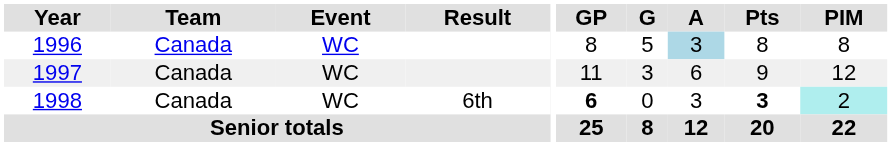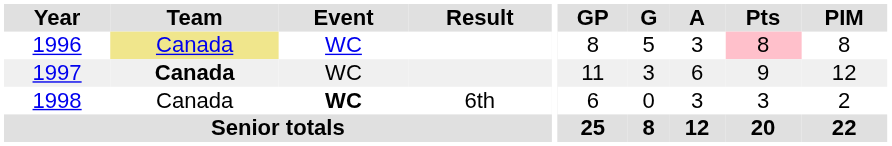 <table border="0" cellpadding="1" cellspacing="0" ID="Table3" style="text-align:center; width:40em">
 <tr bgcolor="#e0e0e0">
 <th>Year</th>
 <th>Team</th>
 <th>Event</th>
 <th>Result</th>
 <th rowspan="99" bgcolor="#ffffff"></th>
 <th>GP</th>
 <th>G</th>
 <th>A</th>
 <th>Pts</th>
 <th>PIM</th>
 </tr>
 <tr>
 <td><a href='#'>1996</a></td>
-<td><a href='#'>Canada</a></td>
+<td style="background: khaki;"><a href='#'>Canada</a></td>
 <td><a href='#'>WC</a></td>
 <td></td>
 <td>8</td>
 <td>5</td>
-<td style="background: lightblue;">3</td>
-<td>8</td>
+<td>3</td>
+<td style="background: pink;">8</td>
 <td>8</td>
 </tr>
 <tr bgcolor="#f0f0f0">
 <td><a href='#'>1997</a></td>
-<td>Canada</td>
+<td><strong>Canada</strong></td>
 <td>WC</td>
 <td></td>
 <td>11</td>
 <td>3</td>
 <td>6</td>
 <td>9</td>
 <td>12</td>
 </tr>
 <tr>
 <td><a href='#'>1998</a></td>
 <td>Canada</td>
-<td>WC</td>
+<td><strong>WC</strong></td>
 <td>6th</td>
-<td><strong>6</strong></td>
+<td>6</td>
 <td>0</td>
 <td>3</td>
-<td><strong>3</strong></td>
-<td style="background: paleturquoise;">2</td>
+<td>3</td>
+<td>2</td>
 </tr>
 <tr bgcolor="#e0e0e0">
 <th colspan="4">Senior totals</th>
 <th>25</th>
 <th>8</th>
 <th>12</th>
 <th>20</th>
 <th>22</th>
 </tr>
 </table>
